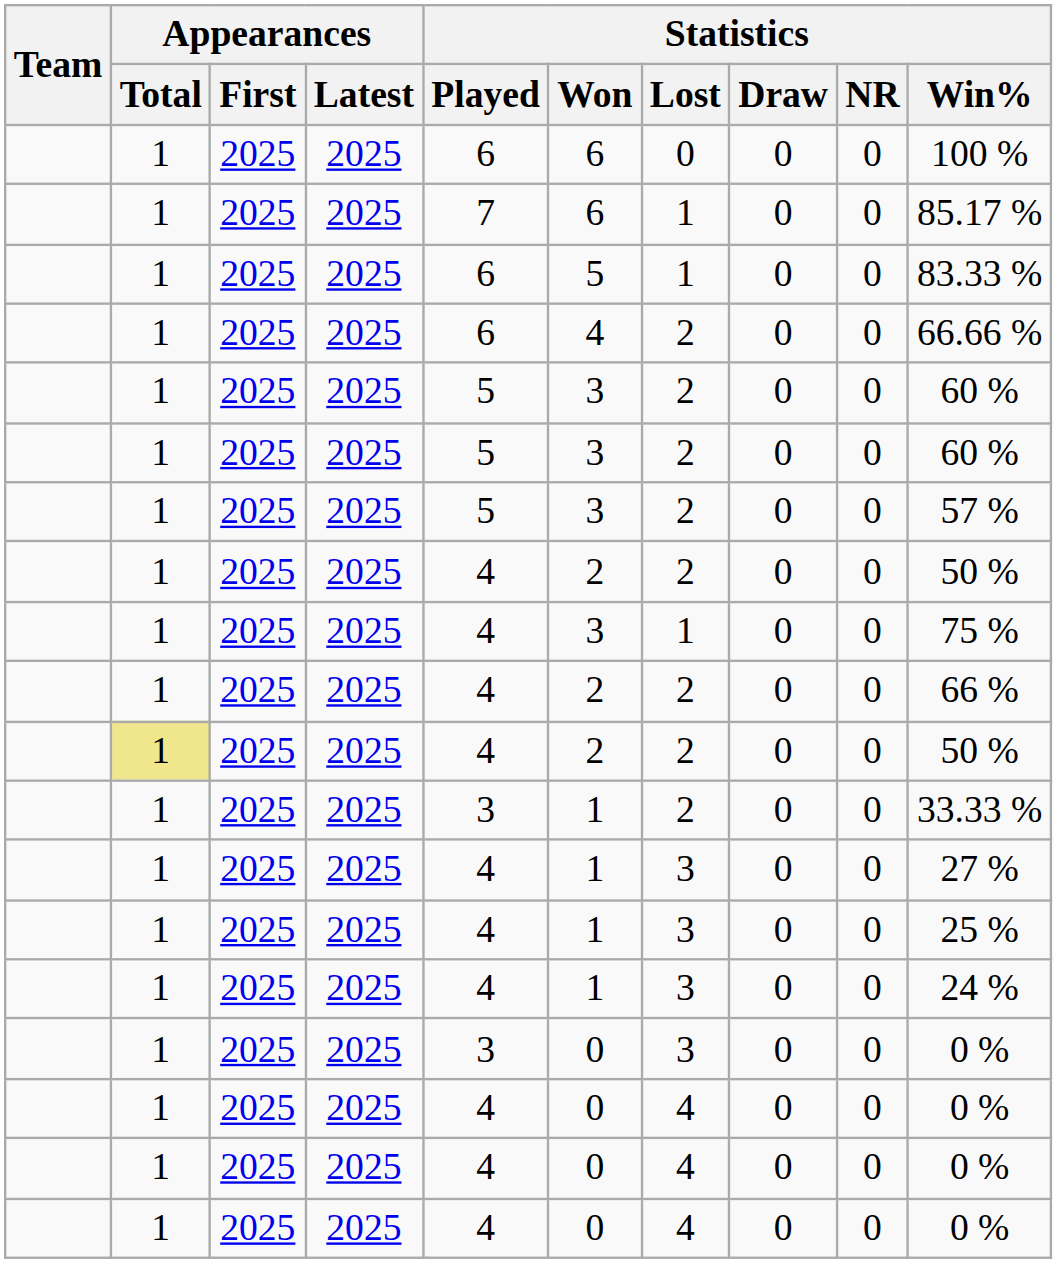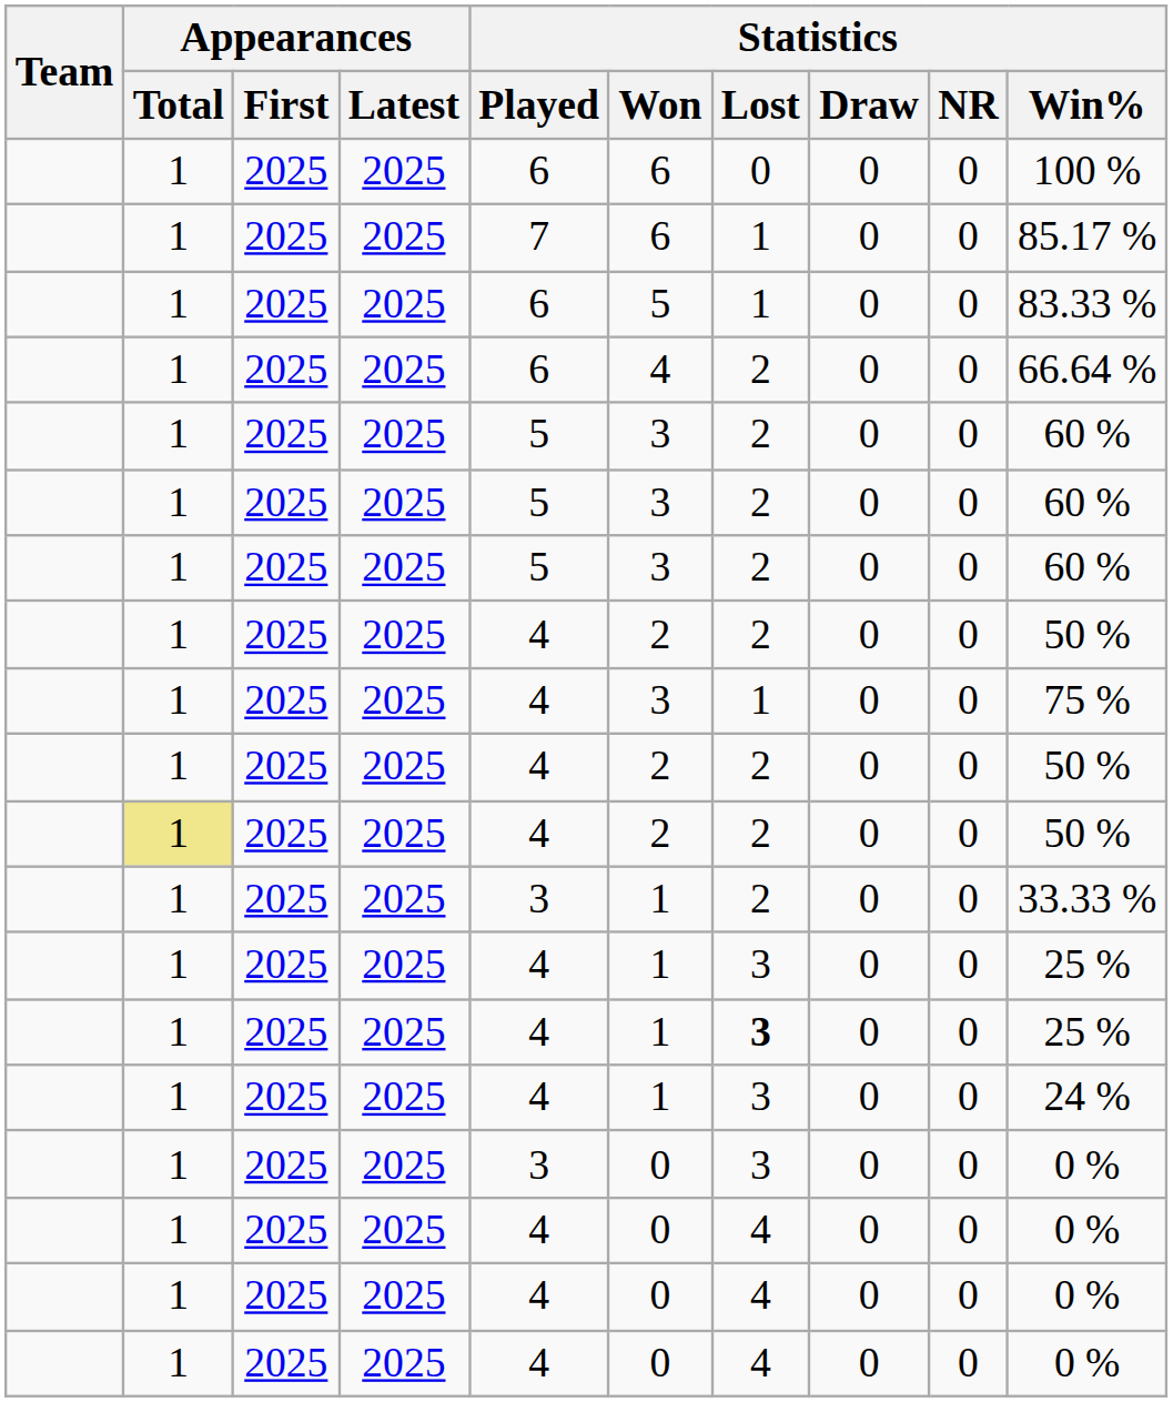 <table class="wikitable sortable" style="text-align: center;">
 <tr>
 <th rowspan="2">Team</th>
 <th colspan=3>Appearances</th>
 <th colspan="6">Statistics</th>
 </tr>
 <tr>
 <th>Total</th>
 <th>First</th>
 <th>Latest</th>
 <th>Played</th>
 <th>Won</th>
 <th>Lost</th>
 <th>Draw</th>
 <th>NR</th>
 <th>Win%</th>
 </tr>
 <tr>
 <td style="text-align:left;"></td>
 <td>1</td>
 <td><a href='#'>2025</a></td>
 <td><a href='#'>2025</a></td>
 <td>6</td>
 <td>6</td>
 <td>0</td>
 <td>0</td>
 <td>0</td>
 <td>100 %</td>
 </tr>
 <tr>
 <td style="text-align:left;"></td>
 <td>1</td>
 <td><a href='#'>2025</a></td>
 <td><a href='#'>2025</a></td>
 <td>7</td>
 <td>6</td>
 <td>1</td>
 <td>0</td>
 <td>0</td>
 <td>85.17 %</td>
 </tr>
 <tr>
 <td style="text-align:left;"></td>
 <td>1</td>
 <td><a href='#'>2025</a></td>
 <td><a href='#'>2025</a></td>
 <td>6</td>
 <td>5</td>
 <td>1</td>
 <td>0</td>
 <td>0</td>
 <td>83.33 %</td>
 </tr>
 <tr>
 <td style="text-align:left;"></td>
 <td>1</td>
 <td><a href='#'>2025</a></td>
 <td><a href='#'>2025</a></td>
 <td>6</td>
 <td>4</td>
 <td>2</td>
 <td>0</td>
 <td>0</td>
-<td>66.66 %</td>
+<td>66.64 %</td>
 </tr>
 <tr>
 <td style="text-align:left;"></td>
 <td>1</td>
 <td><a href='#'>2025</a></td>
 <td><a href='#'>2025</a></td>
 <td>5</td>
 <td>3</td>
 <td>2</td>
 <td>0</td>
 <td>0</td>
 <td>60 %</td>
 </tr>
 <tr>
 <td style="text-align:left;"></td>
 <td>1</td>
 <td><a href='#'>2025</a></td>
 <td><a href='#'>2025</a></td>
 <td>5</td>
 <td>3</td>
 <td>2</td>
 <td>0</td>
 <td>0</td>
 <td>60 %</td>
 </tr>
 <tr>
 <td style="text-align:left;"></td>
 <td>1</td>
 <td><a href='#'>2025</a></td>
 <td><a href='#'>2025</a></td>
 <td>5</td>
 <td>3</td>
 <td>2</td>
 <td>0</td>
 <td>0</td>
-<td>57 %</td>
+<td>60 %</td>
 </tr>
 <tr>
 <td style="text-align:left;"></td>
 <td>1</td>
 <td><a href='#'>2025</a></td>
 <td><a href='#'>2025</a></td>
 <td>4</td>
 <td>2</td>
 <td>2</td>
 <td>0</td>
 <td>0</td>
 <td>50 %</td>
 </tr>
 <tr>
 <td style="text-align:left;"></td>
 <td>1</td>
 <td><a href='#'>2025</a></td>
 <td><a href='#'>2025</a></td>
 <td>4</td>
 <td>3</td>
 <td>1</td>
 <td>0</td>
 <td>0</td>
 <td>75 %</td>
 </tr>
 <tr>
 <td style="text-align:left;"></td>
 <td>1</td>
 <td><a href='#'>2025</a></td>
 <td><a href='#'>2025</a></td>
 <td>4</td>
 <td>2</td>
 <td>2</td>
 <td>0</td>
 <td>0</td>
-<td>66 %</td>
+<td>50 %</td>
 </tr>
 <tr>
 <td style="text-align:left;"></td>
 <td style="background: khaki;">1</td>
 <td><a href='#'>2025</a></td>
 <td><a href='#'>2025</a></td>
 <td>4</td>
 <td>2</td>
 <td>2</td>
 <td>0</td>
 <td>0</td>
 <td>50 %</td>
 </tr>
 <tr>
 <td style="text-align:left;"></td>
 <td>1</td>
 <td><a href='#'>2025</a></td>
 <td><a href='#'>2025</a></td>
 <td>3</td>
 <td>1</td>
 <td>2</td>
 <td>0</td>
 <td>0</td>
 <td>33.33 %</td>
 </tr>
 <tr>
 <td style="text-align:left;"></td>
 <td>1</td>
 <td><a href='#'>2025</a></td>
 <td><a href='#'>2025</a></td>
 <td>4</td>
 <td>1</td>
 <td>3</td>
 <td>0</td>
 <td>0</td>
-<td>27 %</td>
+<td>25 %</td>
 </tr>
 <tr>
 <td style="text-align:left;"></td>
 <td>1</td>
 <td><a href='#'>2025</a></td>
 <td><a href='#'>2025</a></td>
 <td>4</td>
 <td>1</td>
-<td>3</td>
+<td><strong>3</strong></td>
 <td>0</td>
 <td>0</td>
 <td>25 %</td>
 </tr>
 <tr>
 <td style="text-align:left;"></td>
 <td>1</td>
 <td><a href='#'>2025</a></td>
 <td><a href='#'>2025</a></td>
 <td>4</td>
 <td>1</td>
 <td>3</td>
 <td>0</td>
 <td>0</td>
 <td>24 %</td>
 </tr>
 <tr>
 <td style="text-align:left;"></td>
 <td>1</td>
 <td><a href='#'>2025</a></td>
 <td><a href='#'>2025</a></td>
 <td>3</td>
 <td>0</td>
 <td>3</td>
 <td>0</td>
 <td>0</td>
 <td>0 %</td>
 </tr>
 <tr>
 <td style="text-align:left;"></td>
 <td>1</td>
 <td><a href='#'>2025</a></td>
 <td><a href='#'>2025</a></td>
 <td>4</td>
 <td>0</td>
 <td>4</td>
 <td>0</td>
 <td>0</td>
 <td>0 %</td>
 </tr>
 <tr>
 <td style="text-align:left;"></td>
 <td>1</td>
 <td><a href='#'>2025</a></td>
 <td><a href='#'>2025</a></td>
 <td>4</td>
 <td>0</td>
 <td>4</td>
 <td>0</td>
 <td>0</td>
 <td>0 %</td>
 </tr>
 <tr>
 <td style="text-align:left;"></td>
 <td>1</td>
 <td><a href='#'>2025</a></td>
 <td><a href='#'>2025</a></td>
 <td>4</td>
 <td>0</td>
 <td>4</td>
 <td>0</td>
 <td>0</td>
 <td>0 %</td>
 </tr>
 </table>
